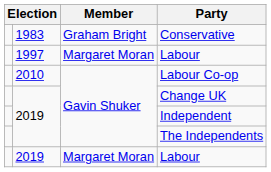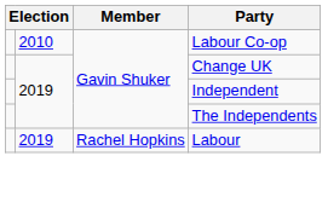 <table class="wikitable">
 <tr>
 <th colspan="2">Election</th>
 <th>Member</th>
 <th>Party</th>
-</tr>
-<tr>
-<td style="color:inherit;background-color: "></td>
-<td><a href='#'>1983</a></td>
-<td><a href='#'>Graham Bright</a></td>
-<td><a href='#'>Conservative</a></td>
-</tr>
-<tr>
-<td style="color:inherit;background-color: "></td>
-<td><a href='#'>1997</a></td>
-<td><a href='#'>Margaret Moran</a></td>
-<td><a href='#'>Labour</a></td>
 </tr>
 <tr>
 <td style="color:inherit;background-color: "></td>
 <td><a href='#'>2010</a></td>
 <td rowspan="4"><a href='#'>Gavin Shuker</a></td>
 <td><a href='#'>Labour Co-op</a></td>
 </tr>
 <tr>
 <td style="color:inherit;background-color: "></td>
 <td rowspan="3">2019</td>
 <td><a href='#'>Change UK</a></td>
 </tr>
 <tr>
 <td style="color:inherit;background-color: "></td>
 <td><a href='#'>Independent</a></td>
 </tr>
 <tr>
 <td style="color:inherit;background-color: "></td>
 <td><a href='#'>The Independents</a></td>
 </tr>
 <tr>
 <td style="color:inherit;background-color: "></td>
 <td><a href='#'>2019</a></td>
-<td><a href='#'>Margaret Moran</a></td>
+<td><a href='#'>Rachel Hopkins</a></td>
 <td><a href='#'>Labour</a></td>
 </tr>
 </table>
